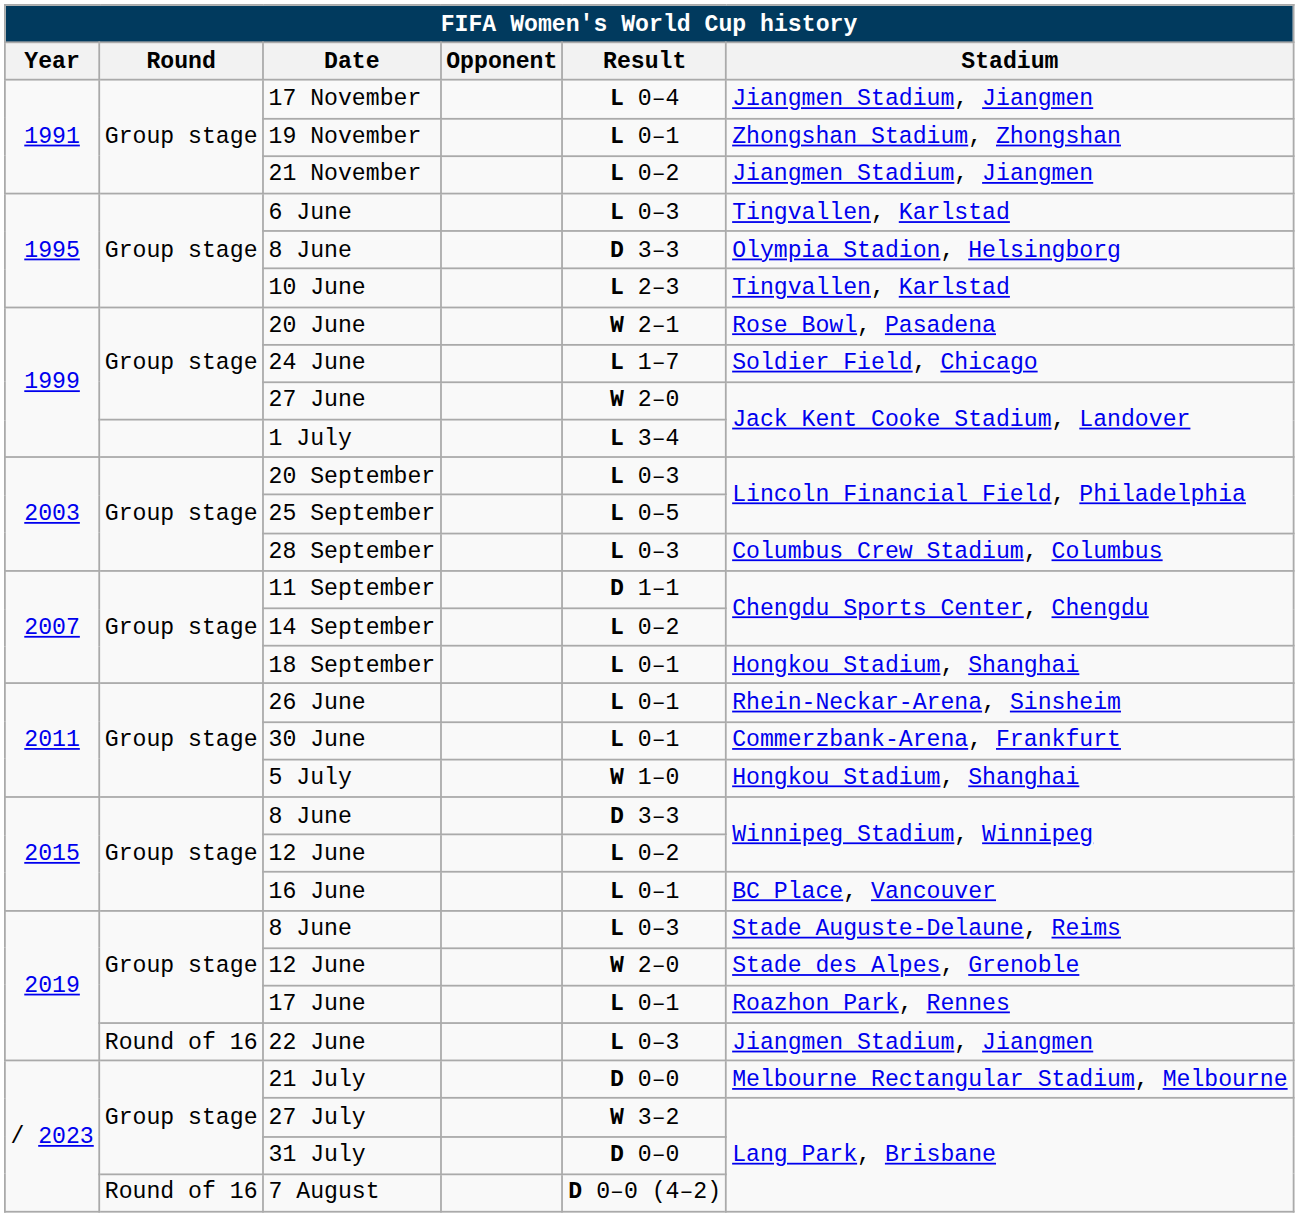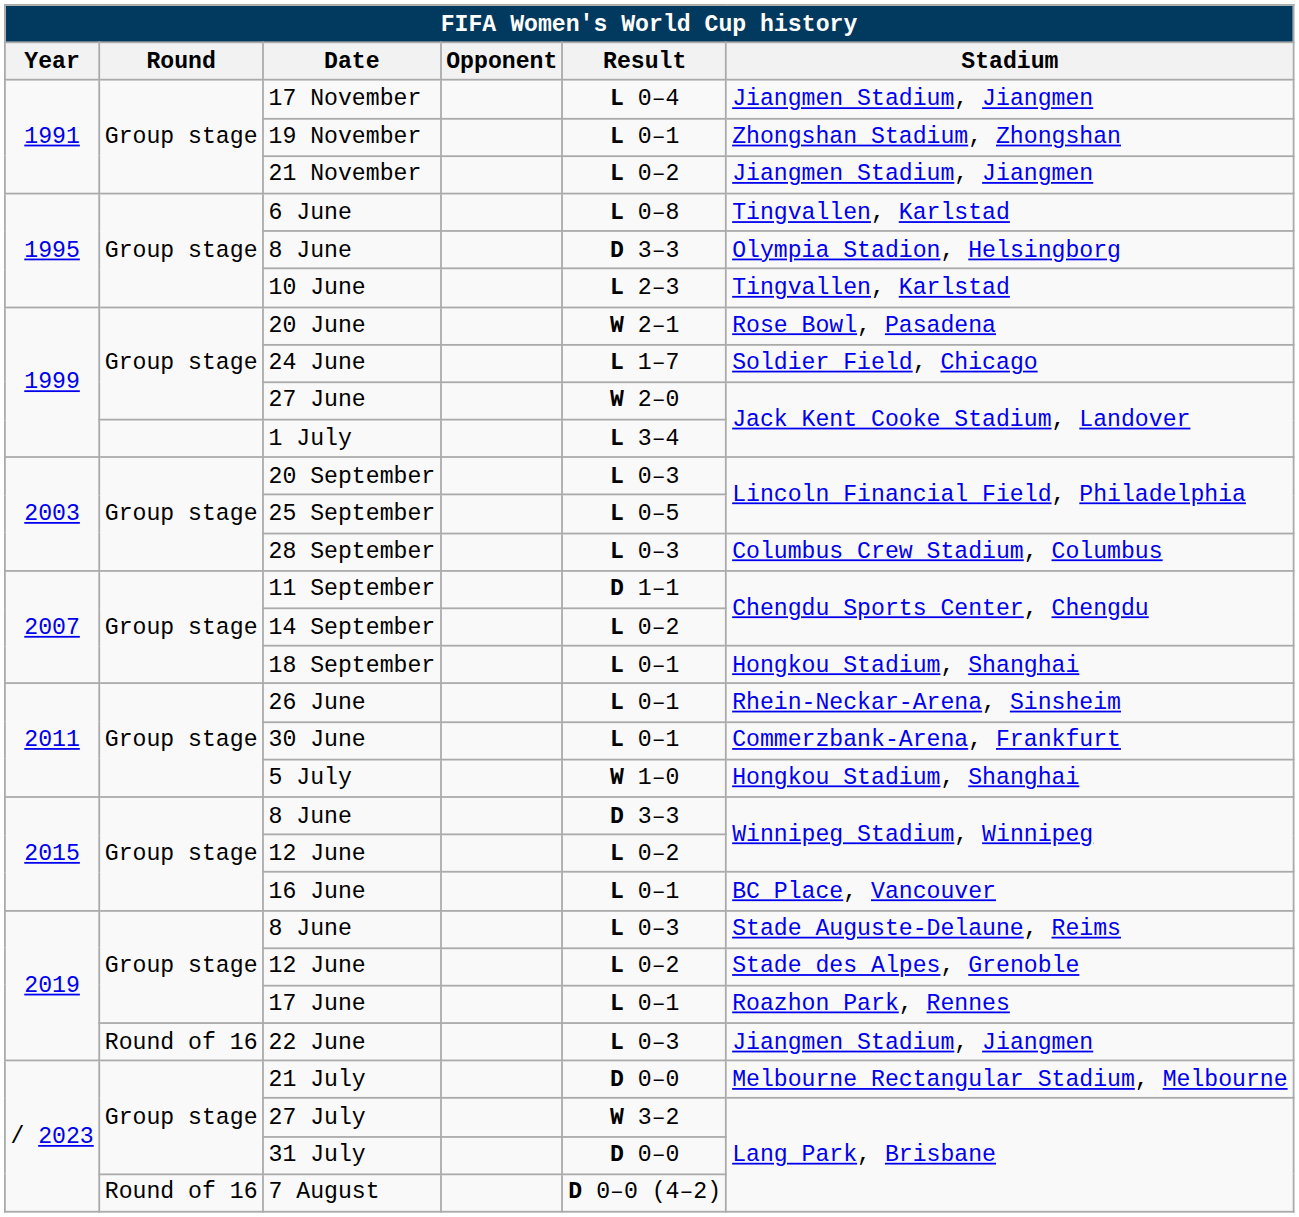 <table class="wikitable" style="text-align: center;font-size:100%;">
 <tr>
 <th colspan=6 style="background: #013A5E; color: #FFFFFF;">FIFA Women's World Cup history</th>
 </tr>
 <tr>
 <th>Year</th>
 <th>Round</th>
 <th>Date</th>
 <th>Opponent</th>
 <th>Result</th>
 <th>Stadium</th>
 </tr>
 <tr>
 <td rowspan=3> <a href='#'>1991</a></td>
 <td rowspan=3>Group stage</td>
 <td align="left">17 November</td>
 <td align="left"></td>
 <td><strong>L</strong> 0–4</td>
 <td align="left"><a href='#'>Jiangmen Stadium</a>, <a href='#'>Jiangmen</a></td>
 </tr>
 <tr>
 <td align="left">19 November</td>
 <td align="left"></td>
 <td><strong>L</strong> 0–1</td>
 <td align="left"><a href='#'>Zhongshan Stadium</a>, <a href='#'>Zhongshan</a></td>
 </tr>
 <tr>
 <td align="left">21 November</td>
 <td align="left"></td>
 <td><strong>L</strong> 0–2</td>
 <td align="left"><a href='#'>Jiangmen Stadium</a>, <a href='#'>Jiangmen</a></td>
 </tr>
 <tr>
 <td rowspan=3> <a href='#'>1995</a></td>
 <td rowspan=3>Group stage</td>
 <td align="left">6 June</td>
 <td align="left"></td>
-<td><strong>L</strong> 0–3</td>
+<td><strong>L</strong> 0–8</td>
 <td align="left"><a href='#'>Tingvallen</a>, <a href='#'>Karlstad</a></td>
 </tr>
 <tr>
 <td align="left">8 June</td>
 <td align="left"></td>
 <td><strong>D</strong> 3–3</td>
 <td align="left"><a href='#'>Olympia Stadion</a>, <a href='#'>Helsingborg</a></td>
 </tr>
 <tr>
 <td align="left">10 June</td>
 <td align="left"></td>
 <td><strong>L</strong> 2–3</td>
 <td align="left"><a href='#'>Tingvallen</a>, <a href='#'>Karlstad</a></td>
 </tr>
 <tr>
 <td rowspan=4> <a href='#'>1999</a></td>
 <td rowspan=3>Group stage</td>
 <td align="left">20 June</td>
 <td align="left"></td>
 <td><strong>W</strong> 2–1</td>
 <td align="left"><a href='#'>Rose Bowl</a>, <a href='#'>Pasadena</a></td>
 </tr>
 <tr>
 <td align="left">24 June</td>
 <td align="left"></td>
 <td><strong>L</strong> 1–7</td>
 <td align="left"><a href='#'>Soldier Field</a>, <a href='#'>Chicago</a></td>
 </tr>
 <tr>
 <td align="left">27 June</td>
 <td align="left"></td>
 <td><strong>W</strong> 2–0</td>
 <td rowspan=2 align="left"><a href='#'>Jack Kent Cooke Stadium</a>, <a href='#'>Landover</a></td>
 </tr>
 <tr>
 <td></td>
 <td align="left">1 July</td>
 <td align="left"></td>
 <td><strong>L</strong> 3–4 </td>
 </tr>
 <tr>
 <td rowspan=3> <a href='#'>2003</a></td>
 <td rowspan=3>Group stage</td>
 <td align="left">20 September</td>
 <td align="left"></td>
 <td><strong>L</strong> 0–3</td>
 <td rowspan=2 align="left"><a href='#'>Lincoln Financial Field</a>, <a href='#'>Philadelphia</a></td>
 </tr>
 <tr>
 <td align="left">25 September</td>
 <td align="left"></td>
 <td><strong>L</strong> 0–5</td>
 </tr>
 <tr>
 <td align="left">28 September</td>
 <td align="left"></td>
 <td><strong>L</strong> 0–3</td>
 <td align="left"><a href='#'>Columbus Crew Stadium</a>, <a href='#'>Columbus</a></td>
 </tr>
 <tr>
 <td rowspan=3> <a href='#'>2007</a></td>
 <td rowspan=3>Group stage</td>
 <td align="left">11 September</td>
 <td align="left"></td>
 <td><strong>D</strong> 1–1</td>
 <td rowspan=2 align="left"><a href='#'>Chengdu Sports Center</a>, <a href='#'>Chengdu</a></td>
 </tr>
 <tr>
 <td align="left">14 September</td>
 <td align="left"></td>
 <td><strong>L</strong> 0–2</td>
 </tr>
 <tr>
 <td align="left">18 September</td>
 <td align="left"></td>
 <td><strong>L</strong> 0–1</td>
 <td align="left"><a href='#'>Hongkou Stadium</a>, <a href='#'>Shanghai</a></td>
 </tr>
 <tr>
 <td rowspan=3> <a href='#'>2011</a></td>
 <td rowspan=3>Group stage</td>
 <td align="left">26 June</td>
 <td align="left"></td>
 <td><strong>L</strong> 0–1</td>
 <td align="left"><a href='#'>Rhein-Neckar-Arena</a>, <a href='#'>Sinsheim</a></td>
 </tr>
 <tr>
 <td align="left">30 June</td>
 <td align="left"></td>
 <td><strong>L</strong> 0–1</td>
 <td align="left"><a href='#'>Commerzbank-Arena</a>, <a href='#'>Frankfurt</a></td>
 </tr>
 <tr>
 <td align="left">5 July</td>
 <td align="left"></td>
 <td><strong>W</strong> 1–0</td>
 <td align="left"><a href='#'>Hongkou Stadium</a>, <a href='#'>Shanghai</a></td>
 </tr>
 <tr>
 <td rowspan=3> <a href='#'>2015</a></td>
 <td rowspan=3>Group stage</td>
 <td align="left">8 June</td>
 <td align="left"></td>
 <td><strong>D</strong> 3–3</td>
 <td rowspan=2 align="left"><a href='#'>Winnipeg Stadium</a>, <a href='#'>Winnipeg</a></td>
 </tr>
 <tr>
 <td align="left">12 June</td>
 <td align="left"></td>
 <td><strong>L</strong> 0–2</td>
 </tr>
 <tr>
 <td align="left">16 June</td>
 <td align="left"></td>
 <td><strong>L</strong> 0–1</td>
 <td align="left"><a href='#'>BC Place</a>, <a href='#'>Vancouver</a></td>
 </tr>
 <tr>
 <td rowspan=4> <a href='#'>2019</a></td>
 <td rowspan=3>Group stage</td>
 <td align="left">8 June</td>
 <td align="left"></td>
 <td><strong>L</strong> 0–3</td>
 <td align="left"><a href='#'>Stade Auguste-Delaune</a>, <a href='#'>Reims</a></td>
 </tr>
 <tr>
 <td align="left">12 June</td>
 <td align="left"></td>
-<td><strong>W</strong> 2–0</td>
+<td><strong>L</strong> 0–2</td>
 <td align="left"><a href='#'>Stade des Alpes</a>, <a href='#'>Grenoble</a></td>
 </tr>
 <tr>
 <td align="left">17 June</td>
 <td align="left"></td>
 <td><strong>L</strong> 0–1</td>
 <td align="left"><a href='#'>Roazhon Park</a>, <a href='#'>Rennes</a></td>
 </tr>
 <tr>
 <td>Round of 16</td>
 <td align="left">22 June</td>
 <td align="left"></td>
 <td><strong>L</strong> 0–3</td>
 <td align="left"><a href='#'>Jiangmen Stadium</a>, <a href='#'>Jiangmen</a></td>
 </tr>
 <tr>
 <td rowspan=4>/ <a href='#'>2023</a></td>
 <td rowspan=3>Group stage</td>
 <td align="left">21 July</td>
 <td align="left"></td>
 <td><strong>D</strong> 0–0</td>
 <td align="left"><a href='#'>Melbourne Rectangular Stadium</a>, <a href='#'>Melbourne</a></td>
 </tr>
 <tr>
 <td align="left">27 July</td>
 <td align="left"></td>
 <td><strong>W</strong> 3–2</td>
 <td rowspan=3 align="left"><a href='#'>Lang Park</a>, <a href='#'>Brisbane</a></td>
 </tr>
 <tr>
 <td align="left">31 July</td>
 <td align="left"></td>
 <td><strong>D</strong> 0–0</td>
 </tr>
 <tr>
 <td>Round of 16</td>
 <td align="left">7 August</td>
 <td align="left"></td>
 <td><strong>D</strong> 0–0 (4–2)</td>
 </tr>
 </table>
